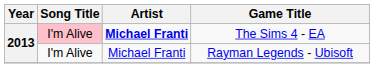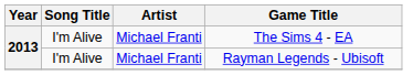 <table class="wikitable plainrowheaders" style="text-align:center;">
 <tr>
 <th>Year</th>
 <th>Song Title</th>
 <th>Artist</th>
 <th style="width:14em;">Game Title</th>
 </tr>
 <tr>
 <th rowspan="2">2013</th>
-<td style="background: pink;">I'm Alive</td>
-<td><strong><a href='#'>Michael Franti</a></strong></td>
+<td>I'm Alive</td>
+<td><a href='#'>Michael Franti</a></td>
 <td><a href='#'>The Sims 4</a> - <a href='#'>EA</a></td>
 </tr>
 <tr>
 <td>I'm Alive</td>
 <td><a href='#'>Michael Franti</a></td>
 <td><a href='#'>Rayman Legends</a> - <a href='#'>Ubisoft</a></td>
 </tr>
 <tr>
 </tr>
 </table>
